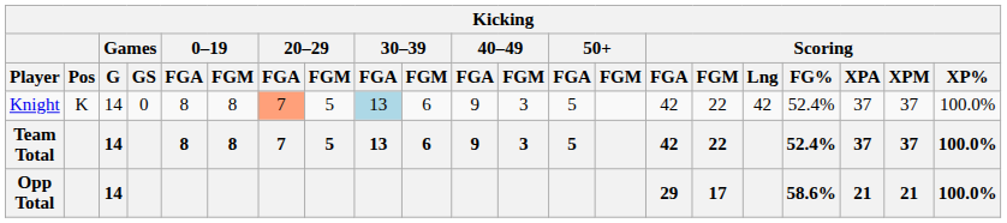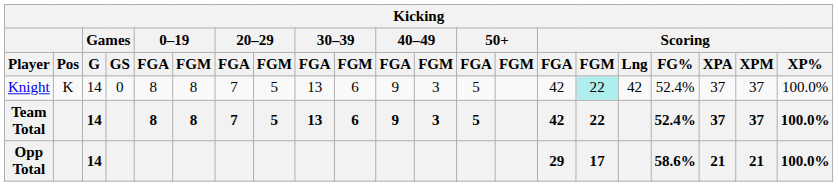 <table class="wikitable" style="text-align:center">
 <tr>
 <th colspan="21">Kicking</th>
 </tr>
 <tr>
 <th colspan="2"></th>
 <th colspan="2">Games</th>
 <th colspan="2">0–19</th>
 <th colspan="2">20–29</th>
 <th colspan="2">30–39</th>
 <th colspan="2">40–49</th>
 <th colspan="2">50+</th>
 <th colspan="7">Scoring</th>
 </tr>
 <tr>
 <th>Player</th>
 <th>Pos</th>
 <th>G</th>
 <th>GS</th>
 <th>FGA</th>
 <th>FGM</th>
 <th>FGA</th>
 <th>FGM</th>
 <th>FGA</th>
 <th>FGM</th>
 <th>FGA</th>
 <th>FGM</th>
 <th>FGA</th>
 <th>FGM</th>
 <th>FGA</th>
 <th>FGM</th>
 <th>Lng</th>
 <th>FG%</th>
 <th>XPA</th>
 <th>XPM</th>
 <th>XP%</th>
 </tr>
 <tr>
 <td><a href='#'>Knight</a></td>
 <td>K</td>
 <td>14</td>
 <td>0</td>
 <td>8</td>
 <td>8</td>
-<td style="background: lightsalmon;">7</td>
+<td>7</td>
 <td>5</td>
-<td style="background: lightblue;">13</td>
+<td>13</td>
 <td>6</td>
 <td>9</td>
 <td>3</td>
 <td>5</td>
 <td></td>
 <td>42</td>
-<td>22</td>
+<td style="background: paleturquoise;">22</td>
 <td>42</td>
 <td>52.4%</td>
 <td>37</td>
 <td>37</td>
 <td>100.0%</td>
 </tr>
 <tr>
 <th>Team Total</th>
 <th></th>
 <th>14</th>
 <th></th>
 <th>8</th>
 <th>8</th>
 <th>7</th>
 <th>5</th>
 <th>13</th>
 <th>6</th>
 <th>9</th>
 <th>3</th>
 <th>5</th>
 <th></th>
 <th>42</th>
 <th>22</th>
 <th></th>
 <th>52.4%</th>
 <th>37</th>
 <th>37</th>
 <th>100.0%</th>
 </tr>
 <tr>
 <th>Opp Total</th>
 <th></th>
 <th>14</th>
 <th></th>
 <th></th>
 <th></th>
 <th></th>
 <th></th>
 <th></th>
 <th></th>
 <th></th>
 <th></th>
 <th></th>
 <th></th>
 <th>29</th>
 <th>17</th>
 <th></th>
 <th>58.6%</th>
 <th>21</th>
 <th>21</th>
 <th>100.0%</th>
 </tr>
 </table>
